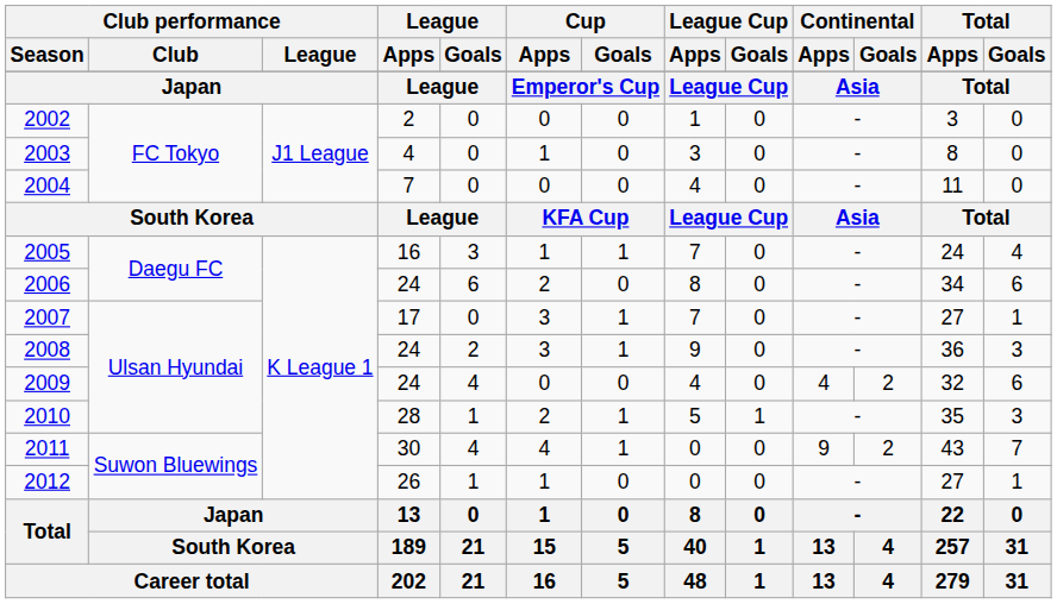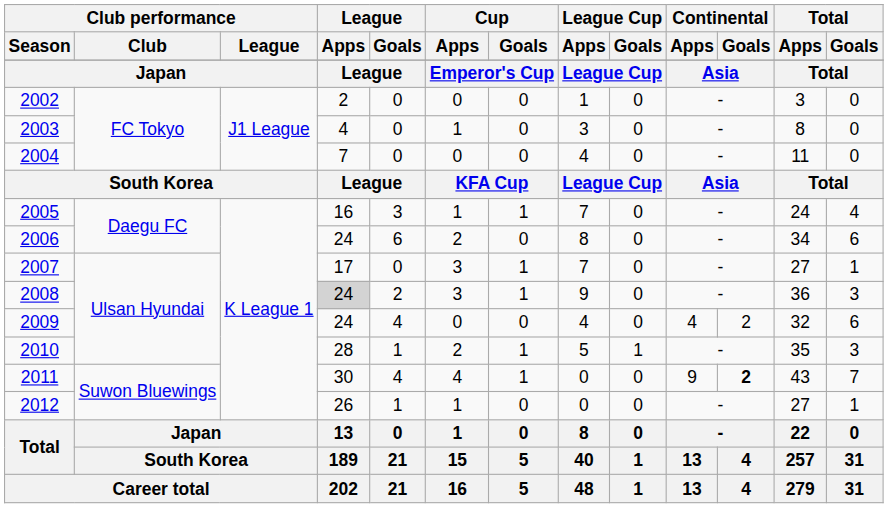 <table class="wikitable" style="text-align:center">
 <tr>
 <th colspan=3>Club performance</th>
 <th colspan=2>League</th>
 <th colspan=2>Cup</th>
 <th colspan=2>League Cup</th>
 <th colspan=2>Continental</th>
 <th colspan=2>Total</th>
 </tr>
 <tr>
 <th>Season</th>
 <th>Club</th>
 <th>League</th>
 <th>Apps</th>
 <th>Goals</th>
 <th>Apps</th>
 <th>Goals</th>
 <th>Apps</th>
 <th>Goals</th>
 <th>Apps</th>
 <th>Goals</th>
 <th>Apps</th>
 <th>Goals</th>
 </tr>
 <tr>
 </tr>
 <tr>
 <th colspan=3>Japan</th>
 <th colspan=2>League</th>
 <th colspan=2><a href='#'>Emperor's Cup</a></th>
 <th colspan=2><a href='#'>League Cup</a></th>
 <th colspan=2><a href='#'>Asia</a></th>
 <th colspan=2>Total</th>
 </tr>
 <tr>
 <td><a href='#'>2002</a></td>
 <td rowspan="3"><a href='#'>FC Tokyo</a></td>
 <td rowspan="3"><a href='#'>J1 League</a></td>
 <td>2</td>
 <td>0</td>
 <td>0</td>
 <td>0</td>
 <td>1</td>
 <td>0</td>
 <td colspan="2">-</td>
 <td>3</td>
 <td>0</td>
 </tr>
 <tr>
 <td><a href='#'>2003</a></td>
 <td>4</td>
 <td>0</td>
 <td>1</td>
 <td>0</td>
 <td>3</td>
 <td>0</td>
 <td colspan="2">-</td>
 <td>8</td>
 <td>0</td>
 </tr>
 <tr>
 <td><a href='#'>2004</a></td>
 <td>7</td>
 <td>0</td>
 <td>0</td>
 <td>0</td>
 <td>4</td>
 <td>0</td>
 <td colspan="2">-</td>
 <td>11</td>
 <td>0</td>
 </tr>
 <tr>
 <th colspan=3>South Korea</th>
 <th colspan=2>League</th>
 <th colspan=2><a href='#'>KFA Cup</a></th>
 <th colspan=2><a href='#'>League Cup</a></th>
 <th colspan=2><a href='#'>Asia</a></th>
 <th colspan=2>Total</th>
 </tr>
 <tr>
 <td><a href='#'>2005</a></td>
 <td rowspan="2"><a href='#'>Daegu FC</a></td>
 <td rowspan="8"><a href='#'>K League 1</a></td>
 <td>16</td>
 <td>3</td>
 <td>1</td>
 <td>1</td>
 <td>7</td>
 <td>0</td>
 <td colspan="2">-</td>
 <td>24</td>
 <td>4</td>
 </tr>
 <tr>
 <td><a href='#'>2006</a></td>
 <td>24</td>
 <td>6</td>
 <td>2</td>
 <td>0</td>
 <td>8</td>
 <td>0</td>
 <td colspan="2">-</td>
 <td>34</td>
 <td>6</td>
 </tr>
 <tr>
 <td><a href='#'>2007</a></td>
 <td rowspan="4"><a href='#'>Ulsan Hyundai</a></td>
 <td>17</td>
 <td>0</td>
 <td>3</td>
 <td>1</td>
 <td>7</td>
 <td>0</td>
 <td colspan="2">-</td>
 <td>27</td>
 <td>1</td>
 </tr>
 <tr>
 <td><a href='#'>2008</a></td>
-<td>24</td>
+<td style="background: lightgrey;">24</td>
 <td>2</td>
 <td>3</td>
 <td>1</td>
 <td>9</td>
 <td>0</td>
 <td colspan="2">-</td>
 <td>36</td>
 <td>3</td>
 </tr>
 <tr>
 <td><a href='#'>2009</a></td>
 <td>24</td>
 <td>4</td>
 <td>0</td>
 <td>0</td>
 <td>4</td>
 <td>0</td>
 <td>4</td>
 <td>2</td>
 <td>32</td>
 <td>6</td>
 </tr>
 <tr>
 <td><a href='#'>2010</a></td>
 <td>28</td>
 <td>1</td>
 <td>2</td>
 <td>1</td>
 <td>5</td>
 <td>1</td>
 <td colspan="2">-</td>
 <td>35</td>
 <td>3</td>
 </tr>
 <tr>
 <td><a href='#'>2011</a></td>
 <td rowspan="2"><a href='#'>Suwon Bluewings</a></td>
 <td>30</td>
 <td>4</td>
 <td>4</td>
 <td>1</td>
 <td>0</td>
 <td>0</td>
 <td>9</td>
-<td>2</td>
+<td><strong>2</strong></td>
 <td>43</td>
 <td>7</td>
 </tr>
 <tr>
 <td><a href='#'>2012</a></td>
 <td>26</td>
 <td>1</td>
 <td>1</td>
 <td>0</td>
 <td>0</td>
 <td>0</td>
 <td colspan="2">-</td>
 <td>27</td>
 <td>1</td>
 </tr>
 <tr>
 <th rowspan=2>Total</th>
 <th colspan=2>Japan</th>
 <th>13</th>
 <th>0</th>
 <th>1</th>
 <th>0</th>
 <th>8</th>
 <th>0</th>
 <th colspan="2">-</th>
 <th>22</th>
 <th>0</th>
 </tr>
 <tr>
 <th colspan=2>South Korea</th>
 <th>189</th>
 <th>21</th>
 <th>15</th>
 <th>5</th>
 <th>40</th>
 <th>1</th>
 <th>13</th>
 <th>4</th>
 <th>257</th>
 <th>31</th>
 </tr>
 <tr>
 <th colspan=3>Career total</th>
 <th>202</th>
 <th>21</th>
 <th>16</th>
 <th>5</th>
 <th>48</th>
 <th>1</th>
 <th>13</th>
 <th>4</th>
 <th>279</th>
 <th>31</th>
 </tr>
 </table>
